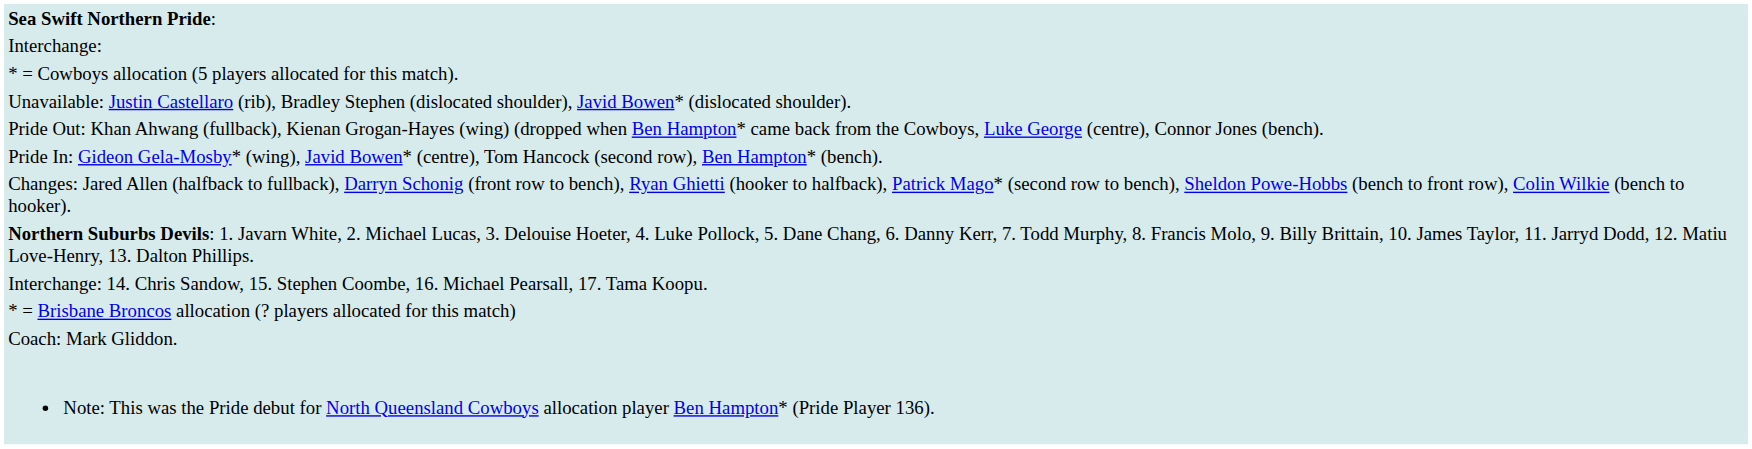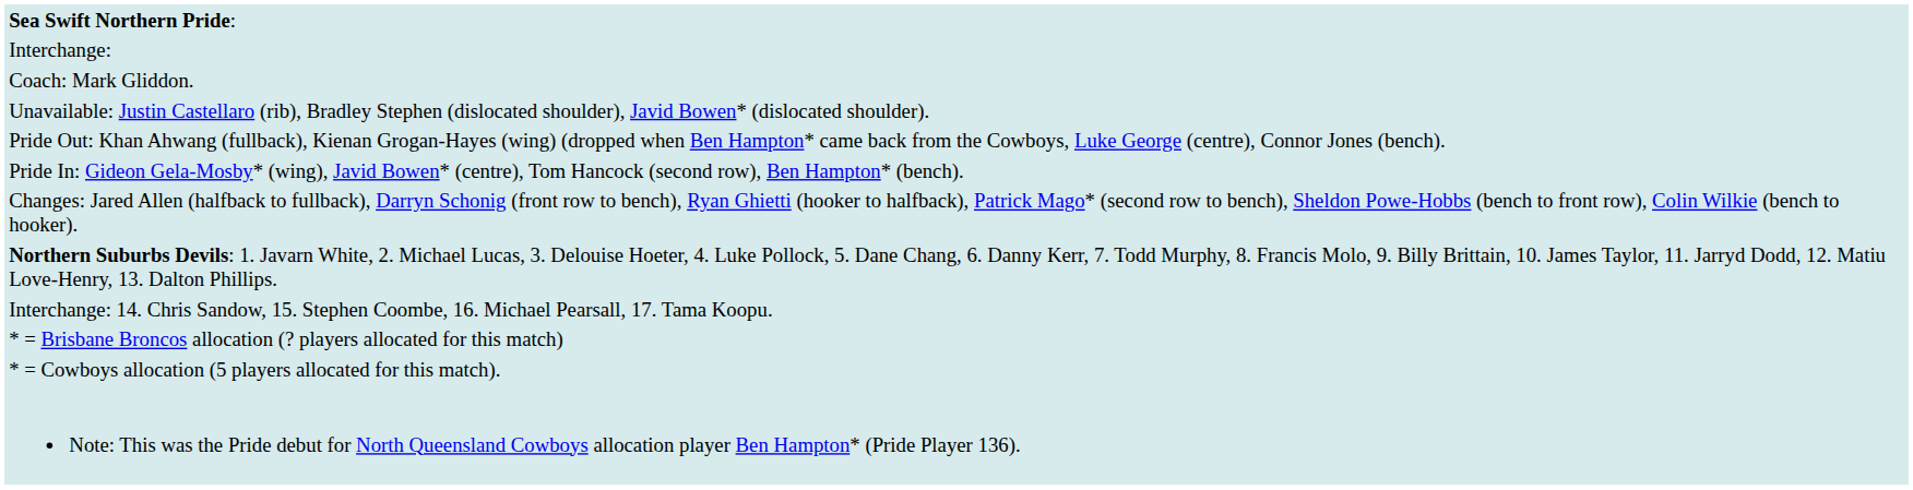 <table style="background:#d7ebed; font-size:85%; width:100%;">
 <tr>
 <td><strong>Sea Swift Northern Pride</strong>:             </td>
 </tr>
 <tr>
 <td>Interchange:    </td>
 </tr>
 <tr>
-<td>* = Cowboys allocation (5 players allocated for this match).</td>
+<td>Coach: Mark Gliddon.</td>
 </tr>
 <tr>
 <td>Unavailable: <a href='#'>Justin Castellaro</a> (rib), Bradley Stephen (dislocated shoulder), <a href='#'>Javid Bowen</a>* (dislocated shoulder).</td>
 </tr>
 <tr>
 <td>Pride Out: Khan Ahwang (fullback), Kienan Grogan-Hayes (wing) (dropped when <a href='#'>Ben Hampton</a>* came back from the Cowboys, <a href='#'>Luke George</a> (centre), Connor Jones (bench).</td>
 </tr>
 <tr>
 <td>Pride In: <a href='#'>Gideon Gela-Mosby</a>* (wing), <a href='#'>Javid Bowen</a>* (centre), Tom Hancock (second row), <a href='#'>Ben Hampton</a>* (bench).</td>
 </tr>
 <tr>
 <td>Changes: Jared Allen (halfback to fullback), <a href='#'>Darryn Schonig</a> (front row to bench), <a href='#'>Ryan Ghietti</a> (hooker to halfback), <a href='#'>Patrick Mago</a>* (second row to bench), <a href='#'>Sheldon Powe-Hobbs</a> (bench to front row), <a href='#'>Colin Wilkie</a> (bench to hooker).</td>
 </tr>
 <tr>
 <td><strong>Northern Suburbs Devils</strong>: 1. Javarn White, 2. Michael Lucas, 3. Delouise Hoeter, 4. Luke Pollock, 5. Dane Chang, 6. Danny Kerr, 7. Todd Murphy, 8. Francis Molo, 9. Billy Brittain, 10. James Taylor, 11. Jarryd Dodd, 12. Matiu Love-Henry, 13. Dalton Phillips.</td>
 </tr>
 <tr>
 <td>Interchange: 14. Chris Sandow, 15. Stephen Coombe, 16. Michael Pearsall, 17. Tama Koopu.</td>
 </tr>
 <tr>
 <td>* = <a href='#'>Brisbane Broncos</a> allocation (? players allocated for this match)</td>
 </tr>
 <tr>
-<td>Coach: Mark Gliddon.</td>
+<td>* = Cowboys allocation (5 players allocated for this match).</td>
 </tr>
 <tr>
 <td><br><ul><li>Note: This was the Pride debut for <a href='#'>North Queensland Cowboys</a> allocation player <a href='#'>Ben Hampton</a>* (Pride Player 136).</li></ul></td>
 </tr>
 <tr>
 </tr>
 </table>
